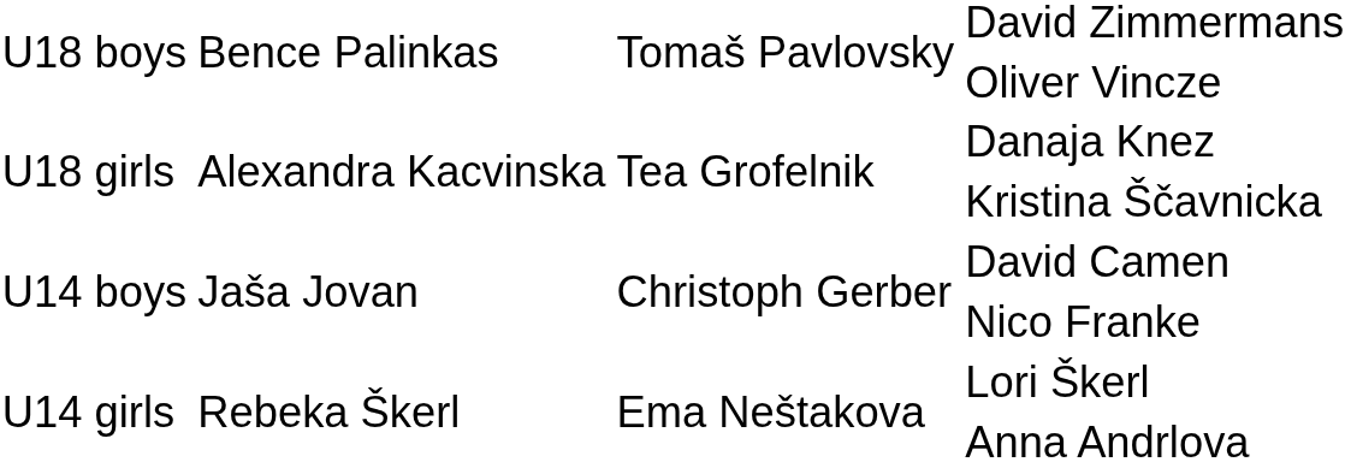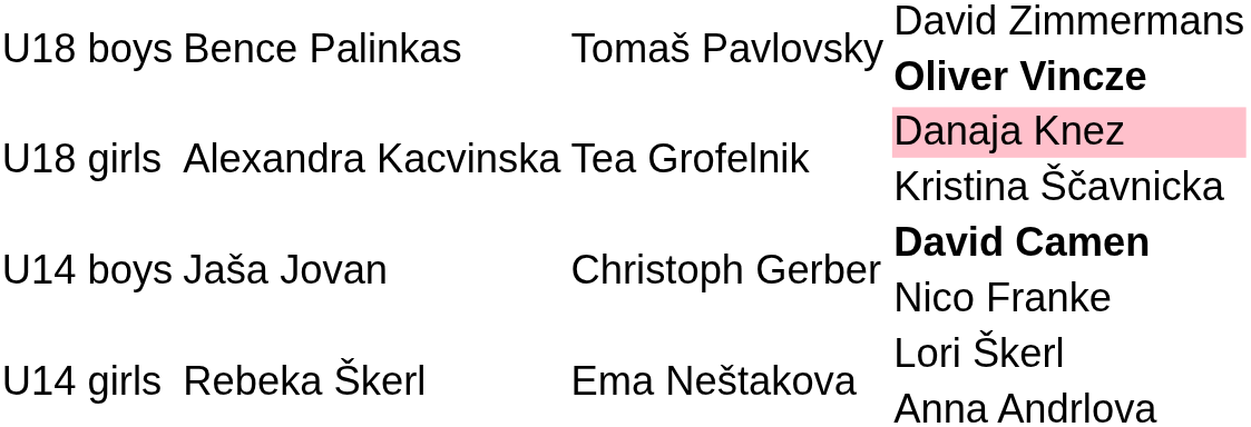 <table>
 <tr>
 <td rowspan="2">U18 boys<br></td>
 <td rowspan="2"> Bence Palinkas</td>
 <td rowspan="2"> Tomaš Pavlovsky</td>
 <td> David Zimmermans</td>
 </tr>
 <tr>
-<td> Oliver Vincze</td>
+<td><strong> Oliver Vincze</strong></td>
 </tr>
 <tr>
 <td rowspan="2">U18 girls<br></td>
 <td rowspan="2"> Alexandra Kacvinska</td>
 <td rowspan="2"> Tea Grofelnik</td>
-<td> Danaja Knez</td>
+<td style="background: pink;"> Danaja Knez</td>
 </tr>
 <tr>
 <td> Kristina Ščavnicka</td>
 </tr>
 <tr>
 <td rowspan="2">U14 boys<br></td>
 <td rowspan="2"> Jaša Jovan</td>
 <td rowspan="2"> Christoph Gerber</td>
-<td> David Camen</td>
+<td><strong> David Camen</strong></td>
 </tr>
 <tr>
 <td> Nico Franke</td>
 </tr>
 <tr>
 <td rowspan="2">U14 girls<br></td>
 <td rowspan="2"> Rebeka Škerl</td>
 <td rowspan="2"> Ema Neštakova</td>
 <td> Lori Škerl</td>
 </tr>
 <tr>
 <td> Anna Andrlova</td>
 </tr>
 <tr>
 </tr>
 </table>
